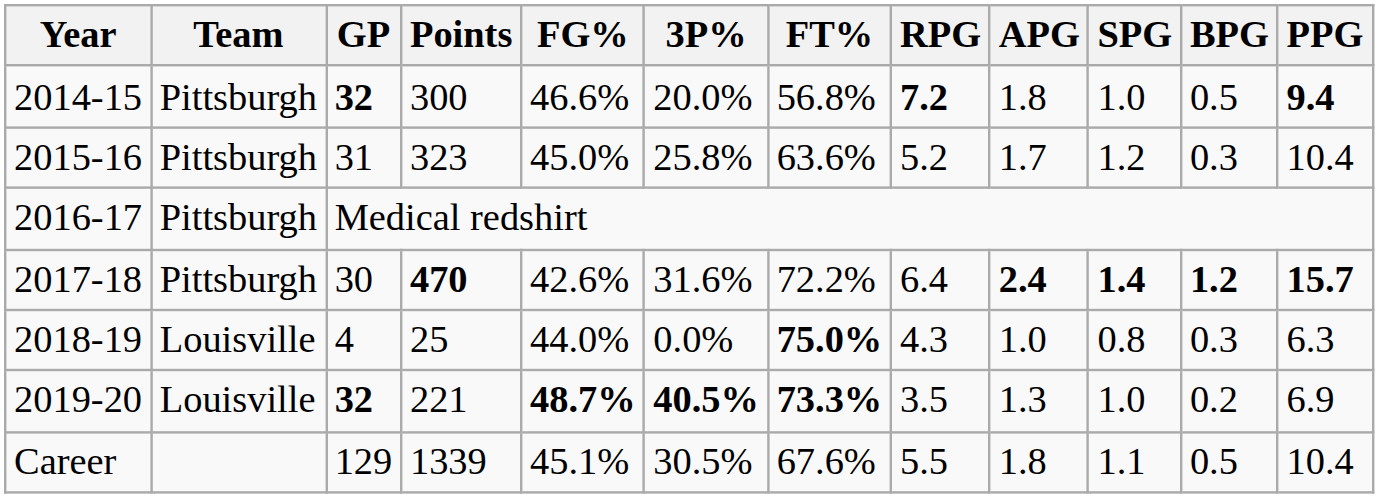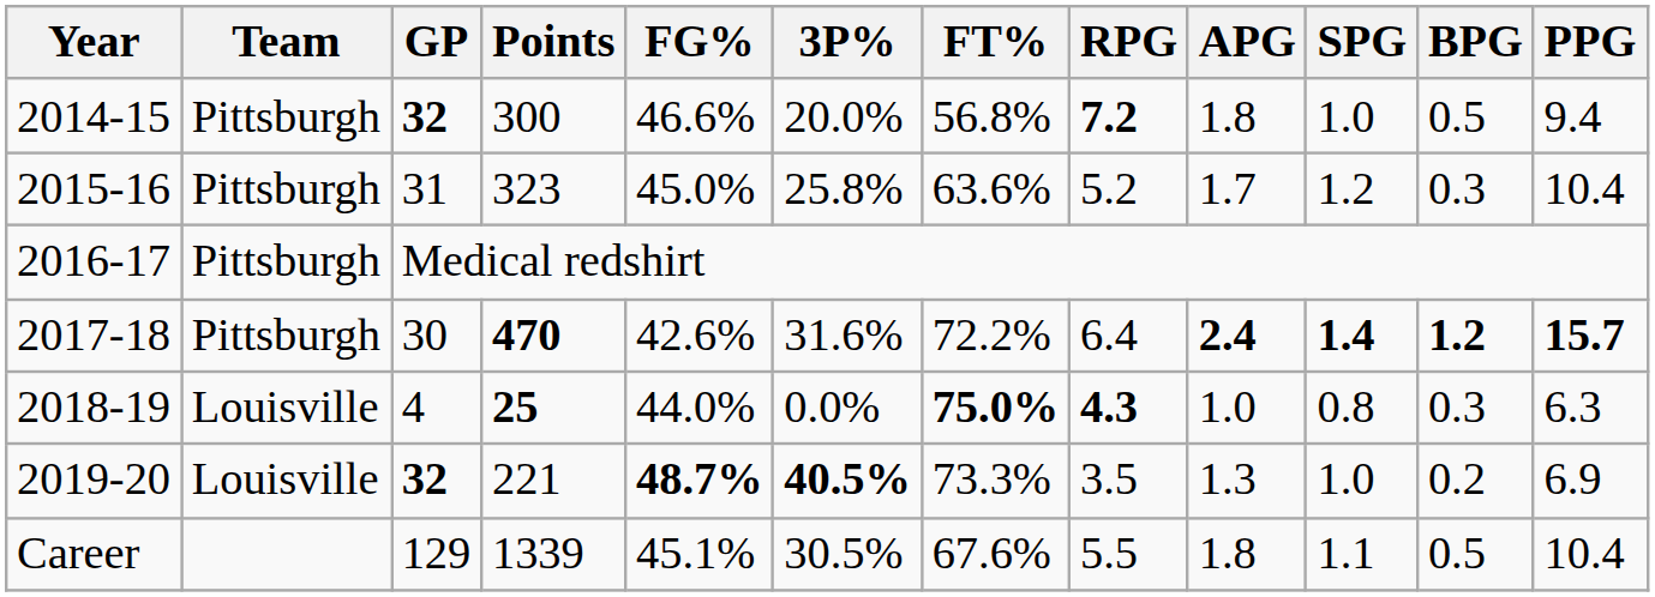 <table class="wikitable">
 <tr>
 <th>Year</th>
 <th>Team</th>
 <th>GP</th>
 <th>Points</th>
 <th>FG%</th>
 <th>3P%</th>
 <th>FT%</th>
 <th>RPG</th>
 <th>APG</th>
 <th>SPG</th>
 <th>BPG</th>
 <th>PPG</th>
 </tr>
 <tr>
 <td>2014-15</td>
 <td>Pittsburgh</td>
 <td><strong>32</strong></td>
 <td>300</td>
 <td>46.6%</td>
 <td>20.0%</td>
 <td>56.8%</td>
 <td><strong>7.2</strong></td>
 <td>1.8</td>
 <td>1.0</td>
 <td>0.5</td>
-<td><strong>9.4</strong></td>
+<td>9.4</td>
 </tr>
 <tr>
 <td>2015-16</td>
 <td>Pittsburgh</td>
 <td>31</td>
 <td>323</td>
 <td>45.0%</td>
 <td>25.8%</td>
 <td>63.6%</td>
 <td>5.2</td>
 <td>1.7</td>
 <td>1.2</td>
 <td>0.3</td>
 <td>10.4</td>
 </tr>
 <tr>
 <td>2016-17</td>
 <td>Pittsburgh</td>
 <td colspan="10">Medical redshirt</td>
 </tr>
 <tr>
 <td>2017-18</td>
 <td>Pittsburgh</td>
 <td>30</td>
 <td><strong>470</strong></td>
 <td>42.6%</td>
 <td>31.6%</td>
 <td>72.2%</td>
 <td>6.4</td>
 <td><strong>2.4</strong></td>
 <td><strong>1.4</strong></td>
 <td><strong>1.2</strong></td>
 <td><strong>15.7</strong></td>
 </tr>
 <tr>
 <td>2018-19</td>
 <td>Louisville</td>
 <td>4</td>
-<td>25</td>
+<td><strong>25</strong></td>
 <td>44.0%</td>
 <td>0.0%</td>
 <td><strong>75.0%</strong></td>
-<td>4.3</td>
+<td><strong>4.3</strong></td>
 <td>1.0</td>
 <td>0.8</td>
 <td>0.3</td>
 <td>6.3</td>
 </tr>
 <tr>
 <td>2019-20</td>
 <td>Louisville</td>
 <td><strong>32</strong></td>
 <td>221</td>
 <td><strong>48.7%</strong></td>
 <td><strong>40.5%</strong></td>
-<td><strong>73.3%</strong></td>
+<td>73.3%</td>
 <td>3.5</td>
 <td>1.3</td>
 <td>1.0</td>
 <td>0.2</td>
 <td>6.9</td>
 </tr>
 <tr>
 <td>Career</td>
 <td></td>
 <td>129</td>
 <td>1339</td>
 <td>45.1%</td>
 <td>30.5%</td>
 <td>67.6%</td>
 <td>5.5</td>
 <td>1.8</td>
 <td>1.1</td>
 <td>0.5</td>
 <td>10.4</td>
 </tr>
 </table>
